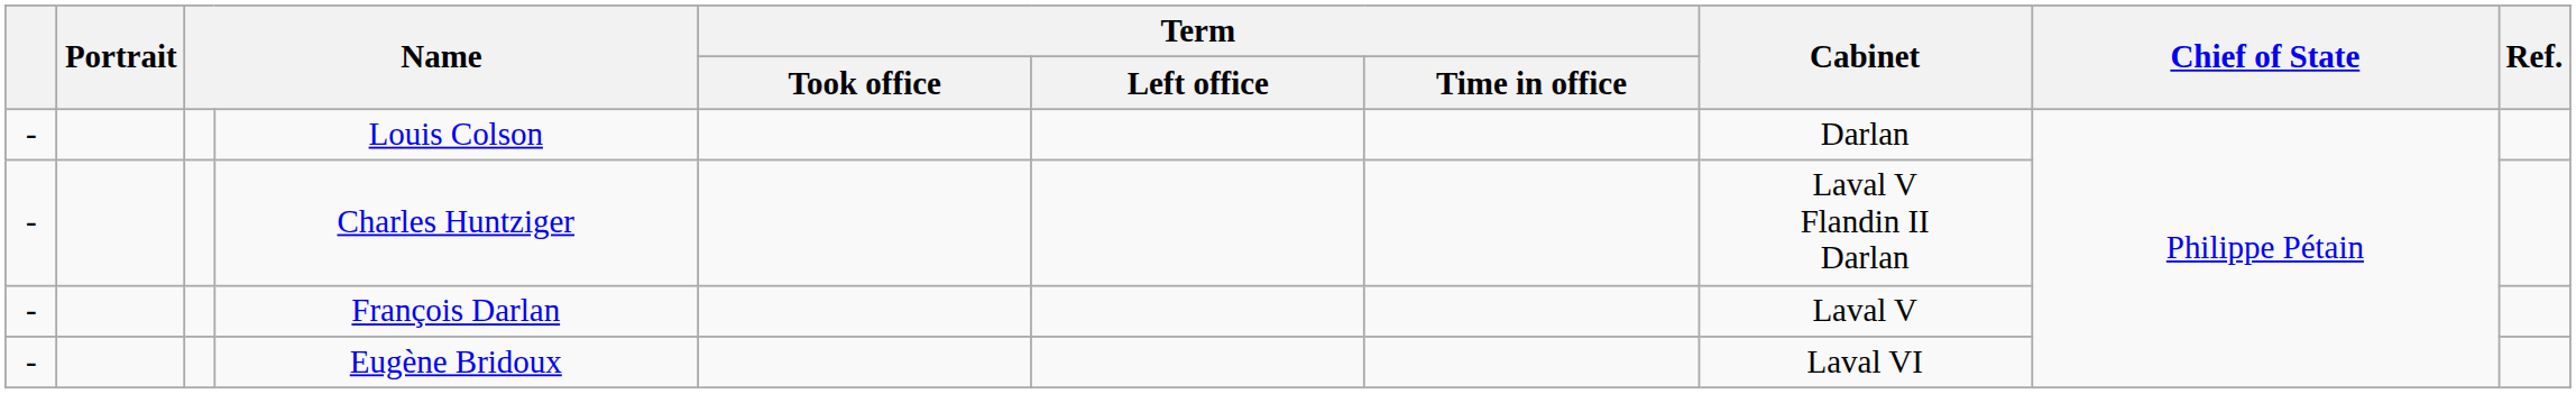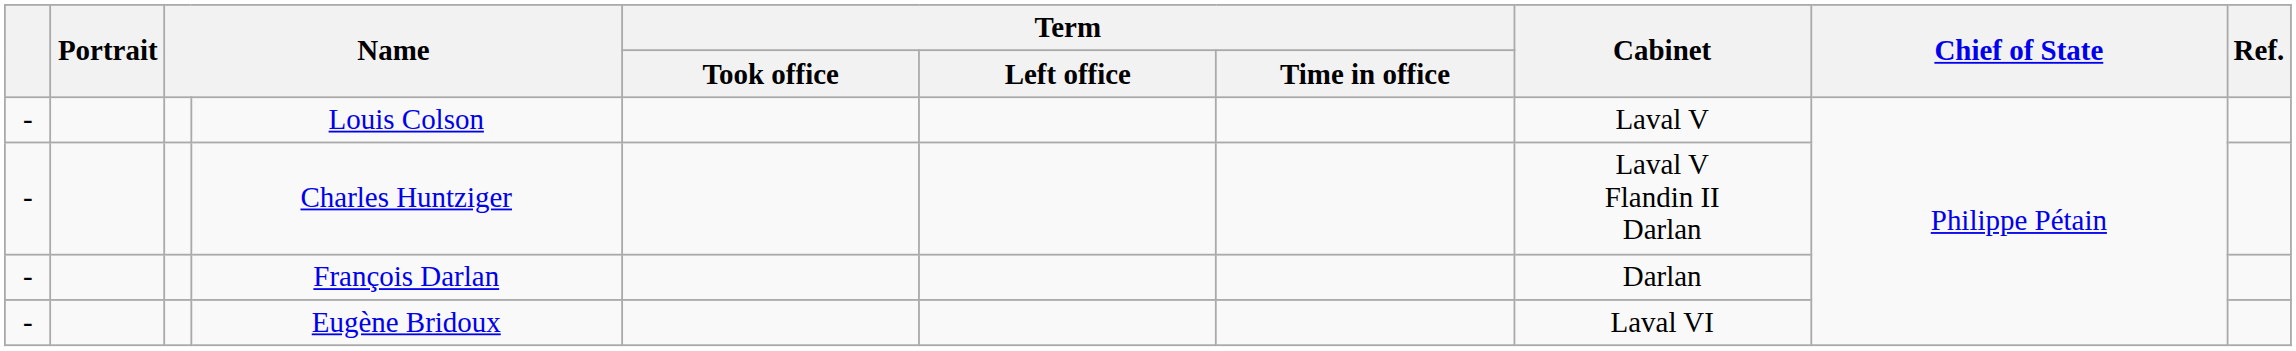 <table class="wikitable" style="text-align:center; width:100%">
 <tr>
 <th style="width:2%" rowspan=2></th>
 <th style="width:5%" rowspan=2>Portrait</th>
 <th style="width:20%" rowspan=2, colspan=2>Name</th>
 <th colspan=3>Term</th>
 <th style="width:13%" rowspan=2>Cabinet</th>
 <th rowspan=2><a href='#'>Chief of State</a></th>
 <th style="width:2%" rowspan=2>Ref.</th>
 </tr>
 <tr>
 <th style="width:13%">Took office</th>
 <th style="width:13%">Left office</th>
 <th style="width:13%">Time in office</th>
 </tr>
 <tr>
 <td>-</td>
 <td></td>
 <td style="background:"></td>
 <td><a href='#'>Louis Colson</a></td>
 <td></td>
 <td></td>
 <td></td>
-<td>Darlan</td>
+<td>Laval V</td>
 <td rowspan=4><a href='#'>Philippe Pétain</a></td>
 <td></td>
 </tr>
 <tr>
 <td>-</td>
 <td></td>
 <td style="background:"></td>
 <td><a href='#'>Charles Huntziger</a></td>
 <td></td>
 <td></td>
 <td></td>
 <td>Laval V<br>Flandin II<br>Darlan</td>
 <td></td>
 </tr>
 <tr>
 <td>-</td>
 <td></td>
 <td style="background:"></td>
 <td><a href='#'>François Darlan</a></td>
 <td></td>
 <td></td>
 <td></td>
-<td>Laval V</td>
+<td>Darlan</td>
 <td></td>
 </tr>
 <tr>
 <td>-</td>
 <td></td>
 <td style="background:"></td>
 <td><a href='#'>Eugène Bridoux</a></td>
 <td></td>
 <td></td>
 <td></td>
 <td>Laval VI</td>
 <td></td>
 </tr>
 </table>
